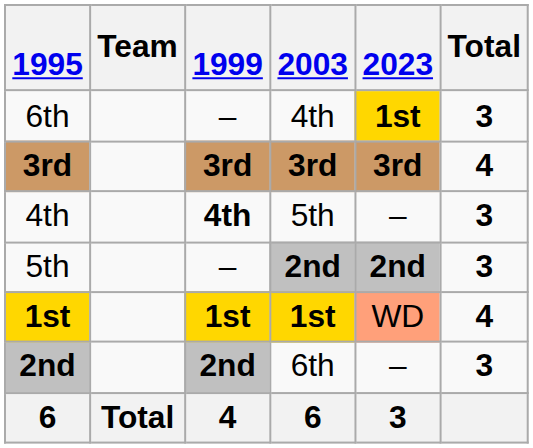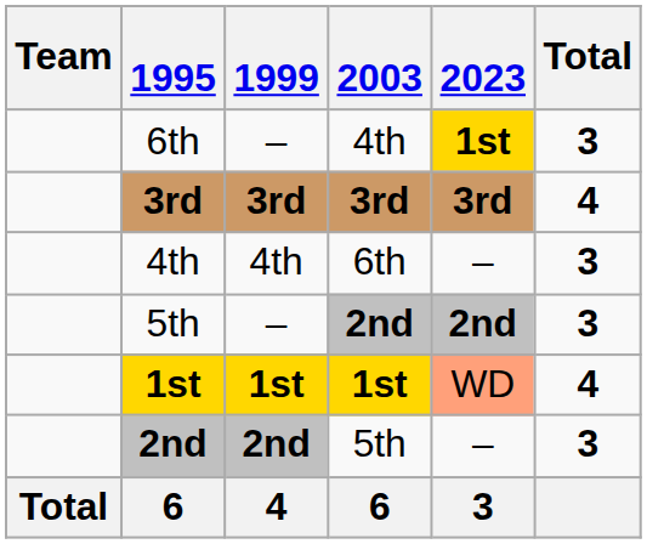 <table class="wikitable" style="text-align:center">
 <tr>
+<th>Team</th>
 <th><br><a href='#'>1995</a></th>
-<th>Team</th>
 <th><br><a href='#'>1999</a></th>
 <th><br><a href='#'>2003</a></th>
 <th><br><a href='#'>2023</a></th>
 <th>Total</th>
 </tr>
 <tr>
+<td align=left></td>
 <td>6th</td>
-<td align=left></td>
 <td>–</td>
 <td>4th</td>
 <td bgcolor=gold><strong>1st</strong></td>
 <td><strong>3</strong></td>
 </tr>
 <tr>
+<td align=left></td>
 <td bgcolor=#cc9966><strong>3rd</strong></td>
-<td align=left></td>
 <td bgcolor=#cc9966><strong>3rd</strong></td>
 <td bgcolor=#cc9966><strong>3rd</strong></td>
 <td bgcolor=#cc9966><strong>3rd</strong></td>
 <td><strong>4</strong></td>
 </tr>
 <tr>
+<td align=left></td>
 <td>4th</td>
-<td align=left></td>
-<td><strong>4th</strong></td>
-<td>5th</td>
+<td>4th</td>
+<td>6th</td>
 <td>–</td>
 <td><strong>3</strong></td>
 </tr>
 <tr>
+<td align=left></td>
 <td>5th</td>
-<td align=left></td>
 <td>–</td>
 <td bgcolor=silver><strong>2nd</strong></td>
 <td bgcolor=silver><strong>2nd</strong></td>
 <td><strong>3</strong></td>
 </tr>
 <tr>
+<td align=left></td>
 <td bgcolor=gold><strong>1st</strong></td>
-<td align=left></td>
 <td bgcolor=gold><strong>1st</strong></td>
 <td bgcolor=gold><strong>1st</strong></td>
 <td style="background: lightsalmon;">WD</td>
 <td><strong>4</strong></td>
 </tr>
 <tr>
-<td bgcolor=silver><strong>2nd</strong></td>
 <td align=left></td>
 <td bgcolor=silver><strong>2nd</strong></td>
-<td>6th</td>
+<td bgcolor=silver><strong>2nd</strong></td>
+<td>5th</td>
 <td>–</td>
 <td><strong>3</strong></td>
 </tr>
 <tr>
+<th>Total</th>
 <th>6</th>
-<th>Total</th>
 <th>4</th>
 <th>6</th>
 <th>3</th>
 <th></th>
 </tr>
 </table>
